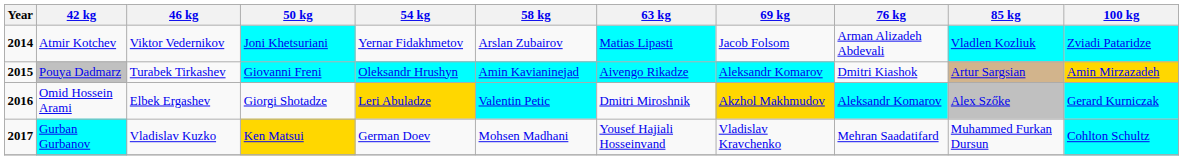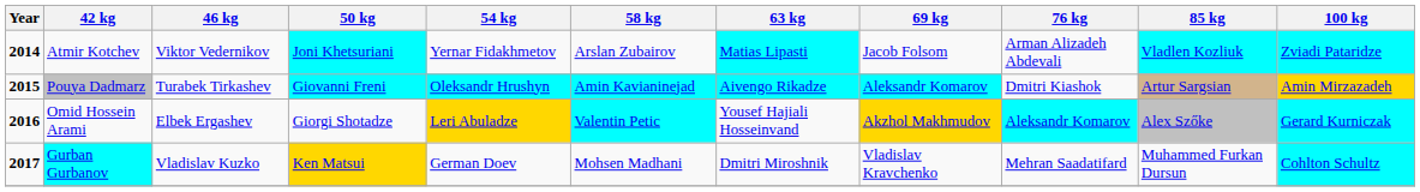 <table class="wikitable sortable"  style="font-size: 85%">
 <tr>
 <th>Year</th>
 <th width=200><a href='#'>42 kg</a></th>
 <th width=275><a href='#'>46 kg</a></th>
 <th width=275><a href='#'>50 kg</a></th>
 <th width=275><a href='#'>54 kg</a></th>
 <th width=275><a href='#'>58 kg</a></th>
 <th width=275><a href='#'>63 kg</a></th>
 <th width=275><a href='#'>69 kg</a></th>
 <th width=275><a href='#'>76 kg</a></th>
 <th width=275><a href='#'>85 kg</a></th>
 <th width=275><a href='#'>100 kg</a></th>
 </tr>
 <tr>
 <td><strong>2014</strong></td>
 <td> <a href='#'>Atmir Kotchev</a></td>
 <td> <a href='#'>Viktor Vedernikov</a></td>
 <td bgcolor = "aqua"> <a href='#'>Joni Khetsuriani</a></td>
 <td> <a href='#'>Yernar Fidakhmetov</a></td>
 <td> <a href='#'>Arslan Zubairov</a></td>
 <td bgcolor = "aqua"> <a href='#'>Matias Lipasti</a></td>
 <td> <a href='#'>Jacob Folsom</a></td>
 <td> <a href='#'>Arman Alizadeh Abdevali</a></td>
 <td bgcolor="aqua"> <a href='#'>Vladlen Kozliuk</a></td>
 <td bgcolor="aqua"> <a href='#'>Zviadi Pataridze</a></td>
 </tr>
 <tr>
 <td><strong>2015</strong></td>
 <td bgcolor="Silver"> <a href='#'>Pouya Dadmarz</a></td>
 <td> <a href='#'>Turabek Tirkashev</a></td>
 <td bgcolor="aqua"> <a href='#'>Giovanni Freni</a></td>
 <td bgcolor="aqua"> <a href='#'>Oleksandr Hrushyn</a></td>
 <td bgcolor="aqua"> <a href='#'>Amin Kavianinejad</a></td>
 <td bgcolor="aqua"> <a href='#'>Aivengo Rikadze</a></td>
 <td bgcolor="aqua"> <a href='#'>Aleksandr Komarov</a></td>
 <td> <a href='#'>Dmitri Kiashok</a></td>
 <td bgcolor ="TAN"> <a href='#'>Artur Sargsian</a></td>
 <td bgcolor="gold"> <a href='#'>Amin Mirzazadeh</a></td>
 </tr>
 <tr>
 <td><strong>2016</strong></td>
 <td> <a href='#'>Omid Hossein Arami</a></td>
 <td> <a href='#'>Elbek Ergashev</a></td>
 <td> <a href='#'>Giorgi Shotadze</a></td>
 <td bgcolor="gold"> <a href='#'>Leri Abuladze</a></td>
 <td bgcolor="aqua"> <a href='#'>Valentin Petic</a></td>
-<td> <a href='#'>Dmitri Miroshnik</a></td>
+<td> <a href='#'>Yousef Hajiali Hosseinvand</a></td>
 <td bgcolor="gold"> <a href='#'>Akzhol Makhmudov</a></td>
 <td bgcolor="aqua"> <a href='#'>Aleksandr Komarov</a></td>
 <td bgcolor="Silver"> <a href='#'>Alex Szőke</a></td>
 <td bgcolor="aqua"> <a href='#'>Gerard Kurniczak</a></td>
 </tr>
 <tr>
 <td><strong>2017</strong></td>
 <td bgcolor="aqua"> <a href='#'>Gurban Gurbanov</a></td>
 <td> <a href='#'>Vladislav Kuzko</a></td>
 <td bgcolor = "gold"> <a href='#'>Ken Matsui</a></td>
 <td> <a href='#'>German Doev</a></td>
 <td> <a href='#'>Mohsen Madhani</a></td>
-<td> <a href='#'>Yousef Hajiali Hosseinvand</a></td>
+<td> <a href='#'>Dmitri Miroshnik</a></td>
 <td> <a href='#'>Vladislav Kravchenko</a></td>
 <td> <a href='#'>Mehran Saadatifard</a></td>
 <td> <a href='#'>Muhammed Furkan Dursun</a></td>
 <td bgcolor="aqua"> <a href='#'>Cohlton Schultz</a></td>
 </tr>
 <tr>
 </tr>
 </table>
